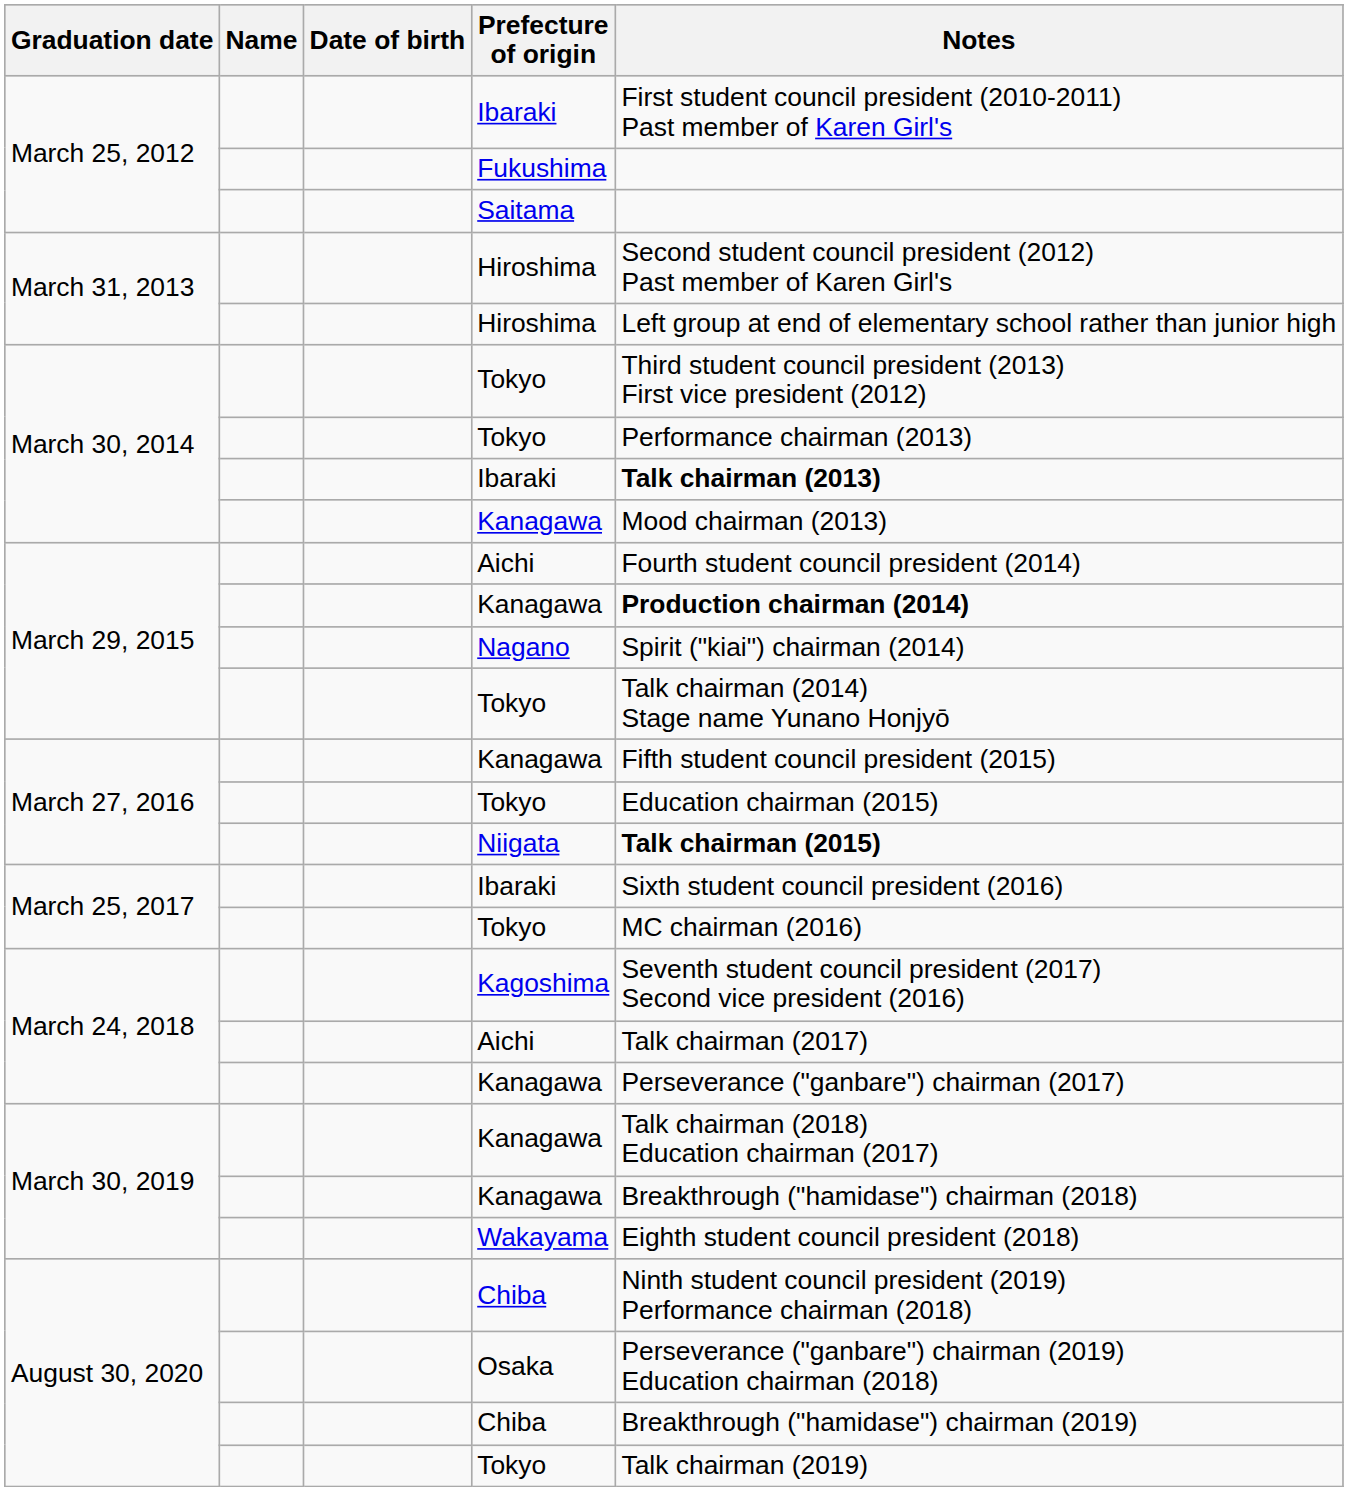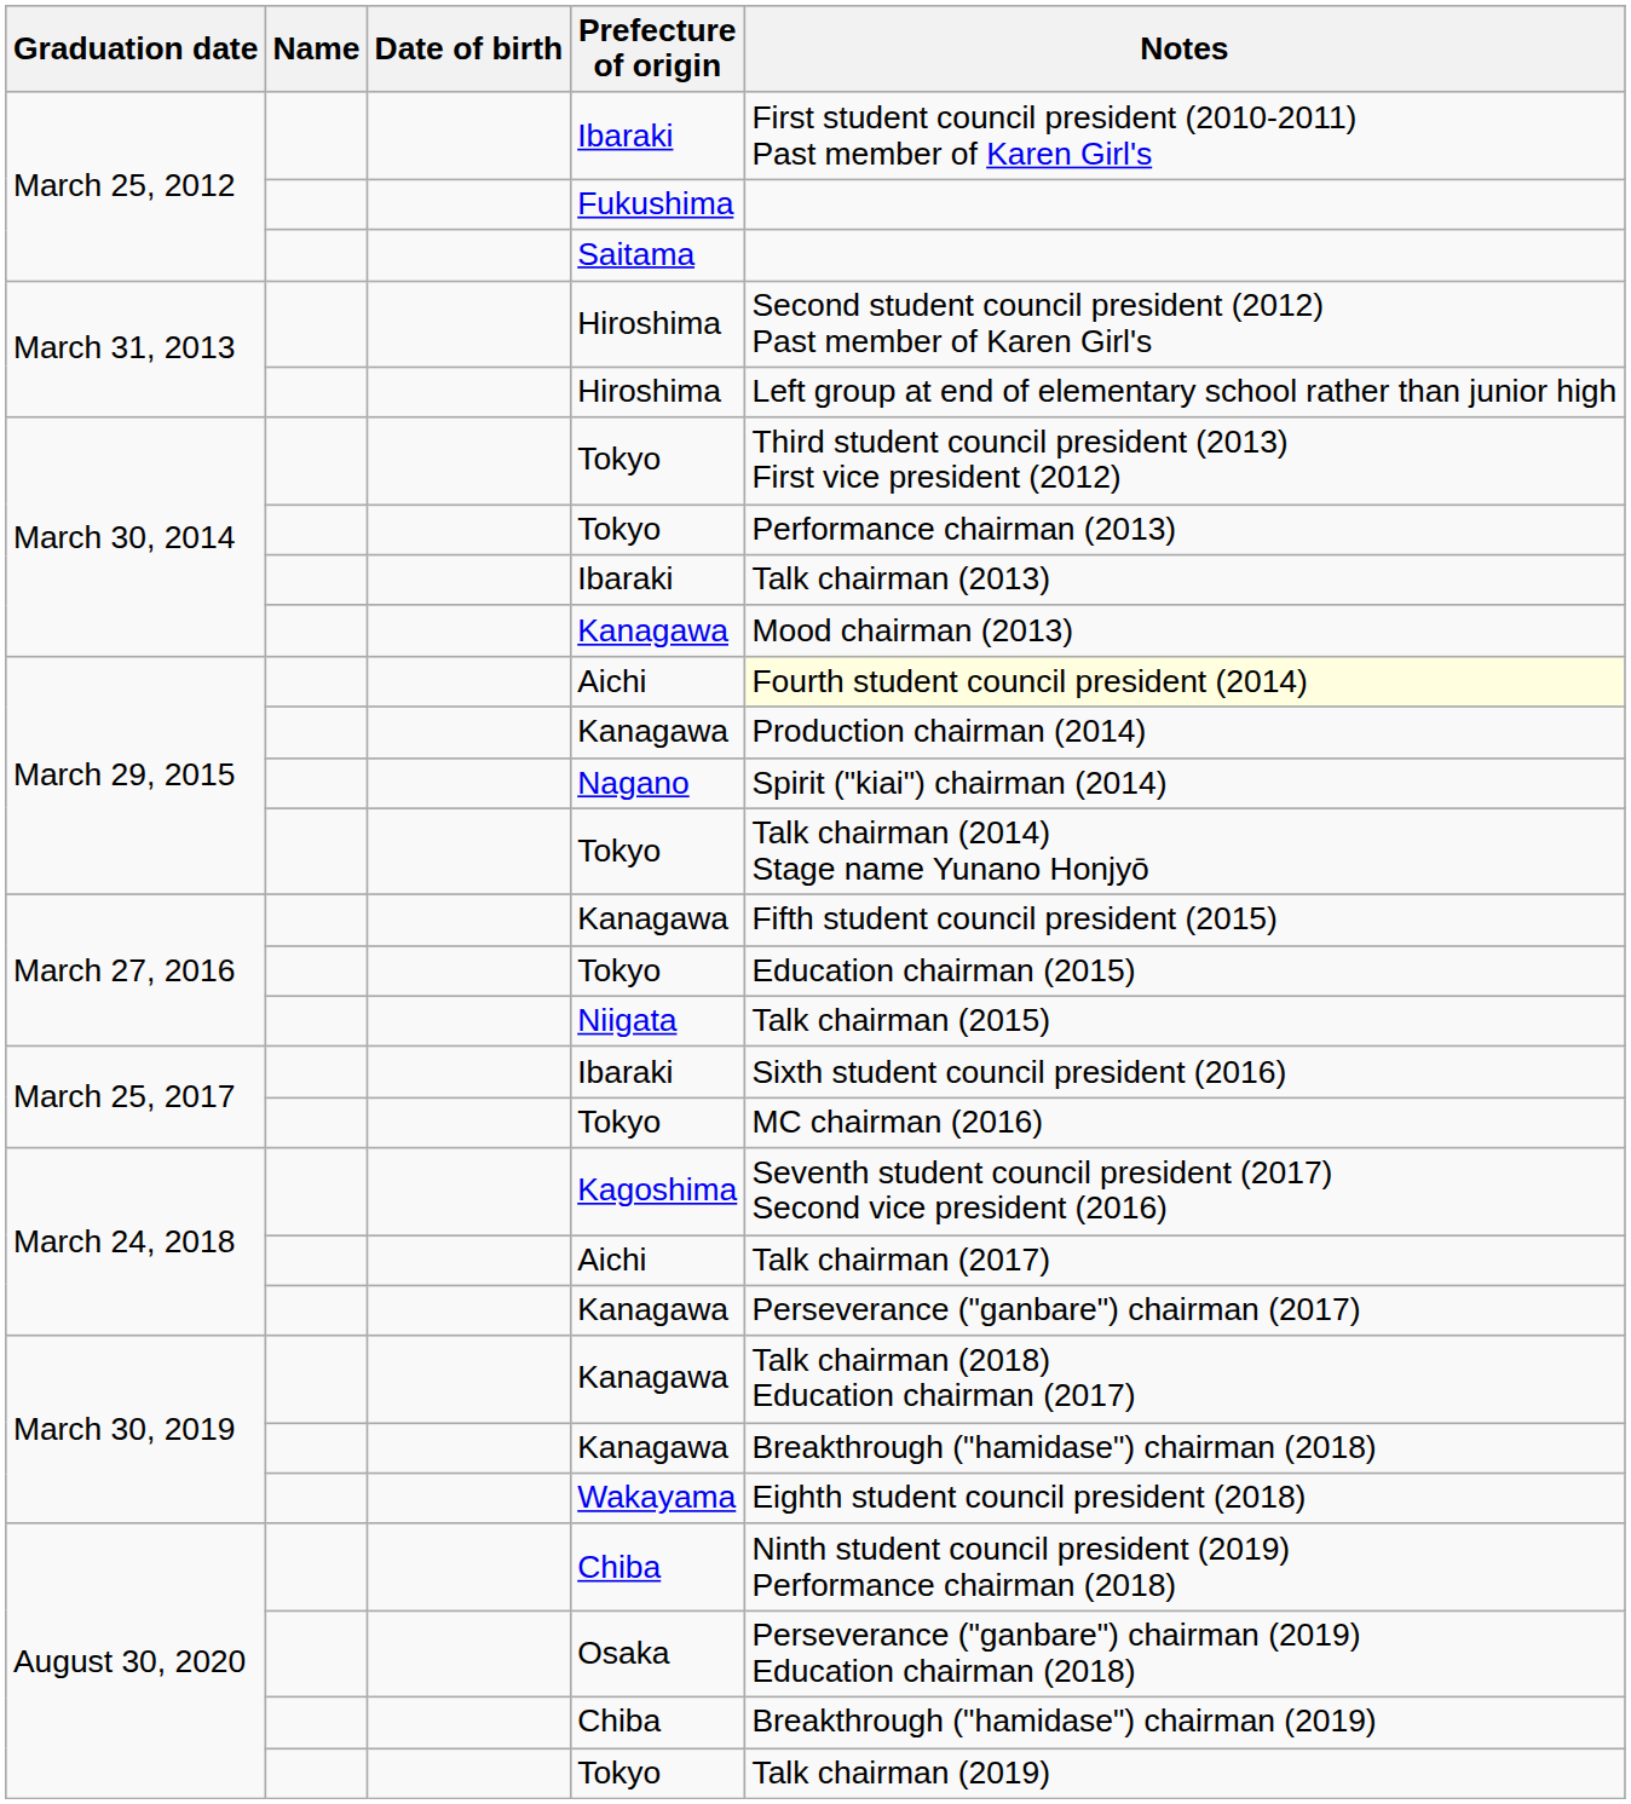 <table class="wikitable sortable">
 <tr>
 <th>Graduation date</th>
 <th>Name</th>
 <th>Date of birth</th>
 <th>Prefecture<br>of origin</th>
 <th class="unsortable">Notes</th>
 </tr>
 <tr>
 <td rowspan="3">March 25, 2012</td>
 <td></td>
 <td></td>
 <td><a href='#'>Ibaraki</a></td>
 <td>First student council president (2010-2011)<br>Past member of <a href='#'>Karen Girl's</a></td>
 </tr>
 <tr>
 <td></td>
 <td></td>
 <td><a href='#'>Fukushima</a></td>
 <td></td>
 </tr>
 <tr>
 <td></td>
 <td></td>
 <td><a href='#'>Saitama</a></td>
 <td></td>
 </tr>
 <tr>
 <td rowspan="2">March 31, 2013</td>
 <td></td>
 <td></td>
 <td>Hiroshima</td>
 <td>Second student council president (2012)<br>Past member of Karen Girl's</td>
 </tr>
 <tr>
 <td></td>
 <td></td>
 <td>Hiroshima</td>
 <td>Left group at end of elementary school rather than junior high</td>
 </tr>
 <tr>
 <td rowspan="4">March 30, 2014</td>
 <td></td>
 <td></td>
 <td>Tokyo</td>
 <td>Third student council president (2013)<br>First vice president (2012)</td>
 </tr>
 <tr>
 <td></td>
 <td></td>
 <td>Tokyo</td>
 <td>Performance chairman (2013)</td>
 </tr>
 <tr>
 <td></td>
 <td></td>
 <td>Ibaraki</td>
-<td><strong>Talk chairman (2013)</strong></td>
+<td>Talk chairman (2013)</td>
 </tr>
 <tr>
 <td></td>
 <td></td>
 <td><a href='#'>Kanagawa</a></td>
 <td>Mood chairman (2013)</td>
 </tr>
 <tr>
 <td rowspan="4">March 29, 2015</td>
 <td></td>
 <td></td>
 <td>Aichi</td>
-<td>Fourth student council president (2014)</td>
+<td style="background: lightyellow;">Fourth student council president (2014)</td>
 </tr>
 <tr>
 <td></td>
 <td></td>
 <td>Kanagawa</td>
-<td><strong>Production chairman (2014)</strong></td>
+<td>Production chairman (2014)</td>
 </tr>
 <tr>
 <td></td>
 <td></td>
 <td><a href='#'>Nagano</a></td>
 <td>Spirit ("kiai") chairman (2014)</td>
 </tr>
 <tr>
 <td></td>
 <td></td>
 <td>Tokyo</td>
 <td>Talk chairman (2014)<br>Stage name Yunano Honjyō</td>
 </tr>
 <tr>
 <td rowspan="3">March 27, 2016</td>
 <td></td>
 <td></td>
 <td>Kanagawa</td>
 <td>Fifth student council president (2015)</td>
 </tr>
 <tr>
 <td></td>
 <td></td>
 <td>Tokyo</td>
 <td>Education chairman (2015)</td>
 </tr>
 <tr>
 <td></td>
 <td></td>
 <td><a href='#'>Niigata</a></td>
-<td><strong>Talk chairman (2015)</strong></td>
+<td>Talk chairman (2015)</td>
 </tr>
 <tr>
 <td rowspan="2">March 25, 2017</td>
 <td></td>
 <td></td>
 <td>Ibaraki</td>
 <td>Sixth student council president (2016)</td>
 </tr>
 <tr>
 <td></td>
 <td></td>
 <td>Tokyo</td>
 <td>MC chairman (2016)</td>
 </tr>
 <tr>
 <td rowspan="3">March 24, 2018</td>
 <td></td>
 <td></td>
 <td><a href='#'>Kagoshima</a></td>
 <td>Seventh student council president (2017)<br>Second vice president (2016)</td>
 </tr>
 <tr>
 <td></td>
 <td></td>
 <td>Aichi</td>
 <td>Talk chairman (2017)</td>
 </tr>
 <tr>
 <td></td>
 <td></td>
 <td>Kanagawa</td>
 <td>Perseverance ("ganbare") chairman (2017)</td>
 </tr>
 <tr>
 <td rowspan="3">March 30, 2019</td>
 <td></td>
 <td></td>
 <td>Kanagawa</td>
 <td>Talk chairman (2018)<br>Education chairman (2017)</td>
 </tr>
 <tr>
 <td></td>
 <td></td>
 <td>Kanagawa</td>
 <td>Breakthrough ("hamidase") chairman (2018)</td>
 </tr>
 <tr>
 <td></td>
 <td></td>
 <td><a href='#'>Wakayama</a></td>
 <td>Eighth student council president (2018)</td>
 </tr>
 <tr>
 <td rowspan="4">August 30, 2020</td>
 <td></td>
 <td></td>
 <td><a href='#'>Chiba</a></td>
 <td>Ninth student council president (2019)<br>Performance chairman (2018)</td>
 </tr>
 <tr>
 <td></td>
 <td></td>
 <td>Osaka</td>
 <td>Perseverance ("ganbare") chairman (2019)<br>Education chairman (2018)</td>
 </tr>
 <tr>
 <td></td>
 <td></td>
 <td>Chiba</td>
 <td>Breakthrough ("hamidase") chairman (2019)</td>
 </tr>
 <tr>
 <td></td>
 <td></td>
 <td>Tokyo</td>
 <td>Talk chairman (2019)</td>
 </tr>
 </table>
